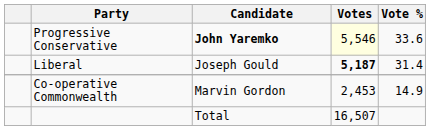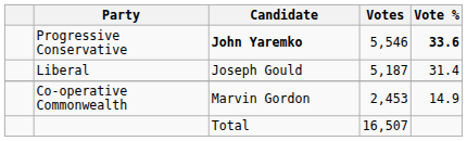 <table class="wikitable">
 <tr>
 <th></th>
 <th scope="col" width="175">Party</th>
 <th scope="col" width="150">Candidate</th>
 <th>Votes</th>
 <th>Vote %</th>
 </tr>
 <tr>
 <td>   </td>
 <td>Progressive Conservative</td>
 <td><strong>John Yaremko</strong></td>
-<td align=right style="background: lightyellow;">5,546</td>
-<td align=right>33.6</td>
+<td align=right>5,546</td>
+<td align=right><strong>33.6</strong></td>
 </tr>
 <tr>
 <td>   </td>
 <td>Liberal</td>
 <td>Joseph Gould</td>
-<td align=right><strong>5,187</strong></td>
+<td align=right>5,187</td>
 <td align=right>31.4</td>
 </tr>
 <tr>
 </tr>
 <tr>
 <td>   </td>
 <td>Co-operative Commonwealth</td>
 <td>Marvin Gordon</td>
 <td align=right>2,453</td>
 <td align=right>14.9</td>
 </tr>
 <tr>
 <td></td>
 <td></td>
 <td>Total</td>
 <td align=right>16,507</td>
 <td></td>
 </tr>
 </table>
